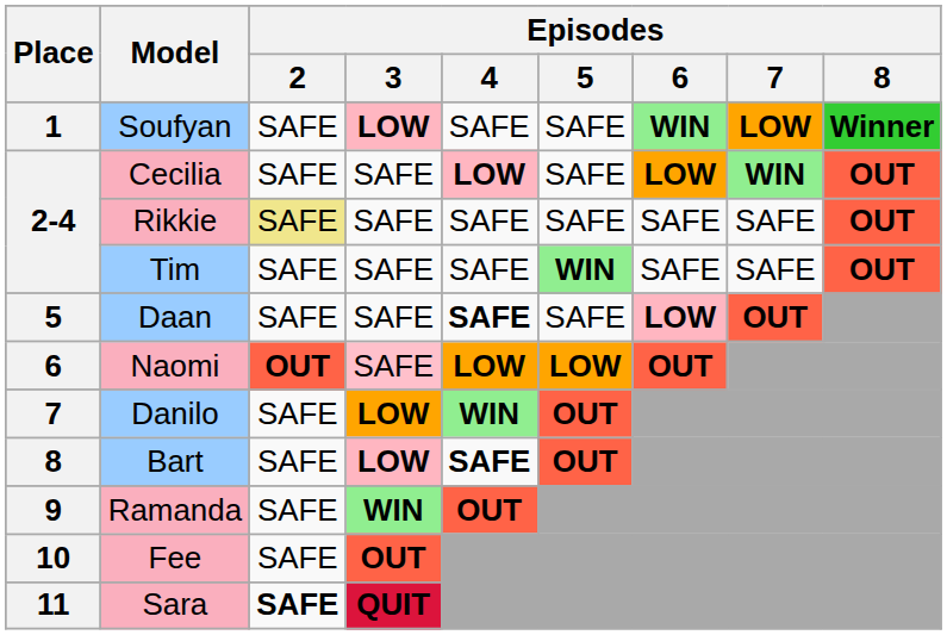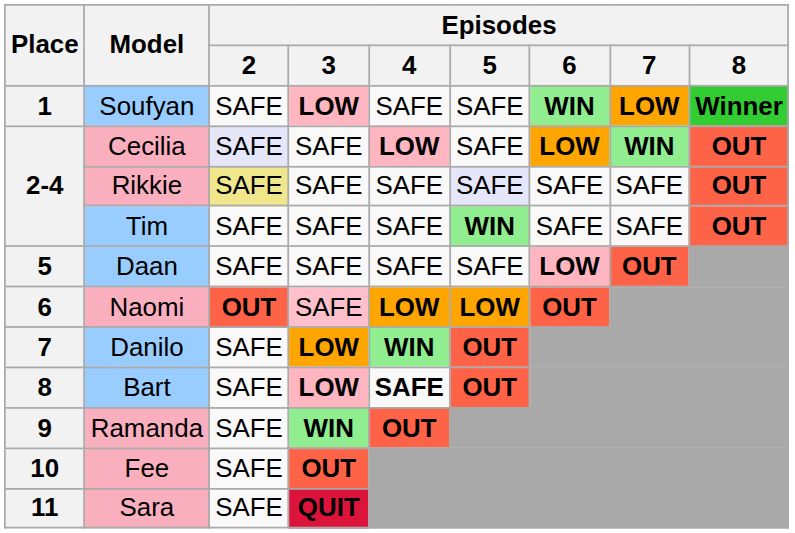 <table class="wikitable" style="text-align:center; font-size:92%">
 <tr>
 <th rowspan="2">Place</th>
 <th rowspan="2">Model</th>
 <th colspan="8">Episodes</th>
 </tr>
 <tr>
 <th width="35">2</th>
 <th>3</th>
 <th>4</th>
 <th>5</th>
 <th>6</th>
 <th>7</th>
 <th>8</th>
 </tr>
 <tr>
 <th>1</th>
 <td style="background:#9cf;">Soufyan</td>
 <td>SAFE</td>
 <td bgcolor="lightpink"><strong>LOW</strong></td>
 <td>SAFE</td>
 <td>SAFE</td>
 <td bgcolor="lightgreen"><strong>WIN</strong></td>
 <td bgcolor="orange"><strong>LOW</strong></td>
 <td bgcolor="limegreen"><strong>Winner</strong></td>
 </tr>
 <tr>
 <th rowspan="3">2-4</th>
 <td style="background:#faafbe">Cecilia</td>
-<td>SAFE</td>
+<td style="background: lavender;">SAFE</td>
 <td>SAFE</td>
 <td bgcolor="lightpink"><strong>LOW</strong></td>
 <td>SAFE</td>
 <td bgcolor="orange"><strong>LOW</strong></td>
 <td bgcolor="lightgreen"><strong>WIN</strong></td>
 <td bgcolor="tomato"><strong>OUT</strong></td>
 </tr>
 <tr>
 <td style="background:#faafbe">Rikkie</td>
 <td style="background: khaki;">SAFE</td>
 <td>SAFE</td>
 <td>SAFE</td>
-<td>SAFE</td>
+<td style="background: lavender;">SAFE</td>
 <td>SAFE</td>
 <td>SAFE</td>
 <td bgcolor="tomato"><strong>OUT</strong></td>
 </tr>
 <tr>
 <td style="background:#9cf;">Tim</td>
 <td>SAFE</td>
 <td>SAFE</td>
 <td>SAFE</td>
 <td bgcolor="lightgreen"><strong>WIN</strong></td>
 <td>SAFE</td>
 <td>SAFE</td>
 <td bgcolor="tomato"><strong>OUT</strong></td>
 </tr>
 <tr>
 <th>5</th>
 <td style="background:#9cf;">Daan</td>
 <td>SAFE</td>
 <td>SAFE</td>
-<td><strong>SAFE</strong></td>
+<td>SAFE</td>
 <td>SAFE</td>
 <td bgcolor="lightpink"><strong>LOW</strong></td>
 <td bgcolor="tomato"><strong>OUT</strong></td>
 <td colspan="8" style="background:darkgray;"></td>
 </tr>
 <tr>
 <th>6</th>
 <td style="background:#faafbe">Naomi</td>
 <td bgcolor="tomato"><strong>OUT</strong></td>
 <td style="background: pink;">SAFE</td>
 <td bgcolor="orange"><strong>LOW</strong></td>
 <td bgcolor="orange"><strong>LOW</strong></td>
 <td bgcolor="tomato"><strong>OUT</strong></td>
 <td colspan="8" style="background:darkgray;"></td>
 </tr>
 <tr>
 <th>7</th>
 <td style="background:#9cf;">Danilo</td>
 <td>SAFE</td>
 <td bgcolor="orange"><strong>LOW</strong></td>
 <td bgcolor="lightgreen"><strong>WIN</strong></td>
 <td bgcolor="tomato"><strong>OUT</strong></td>
 <td colspan="8" style="background:darkgray;"></td>
 </tr>
 <tr>
 <th>8</th>
 <td style="background:#9cf;">Bart</td>
 <td>SAFE</td>
 <td bgcolor="lightpink"><strong>LOW</strong></td>
 <td><strong>SAFE</strong></td>
 <td bgcolor="tomato"><strong>OUT</strong></td>
 <td colspan="8" style="background:darkgray;"></td>
 </tr>
 <tr>
 <th>9</th>
 <td style="background:#faafbe">Ramanda</td>
 <td>SAFE</td>
 <td bgcolor="lightgreen"><strong>WIN</strong></td>
 <td bgcolor="tomato"><strong>OUT</strong></td>
 <td colspan="8" style="background:darkgray;"></td>
 </tr>
 <tr>
 <th>10</th>
 <td style="background:#faafbe">Fee</td>
 <td>SAFE</td>
 <td bgcolor="tomato"><strong>OUT</strong></td>
 <td rowspan="2" colspan="9" style="background:darkgray;"></td>
 </tr>
 <tr>
 <th>11</th>
 <td style="background:#faafbe">Sara</td>
-<td><strong>SAFE</strong></td>
+<td>SAFE</td>
 <td bgcolor="crimson"><span><strong>QUIT</strong></span></td>
 </tr>
 </table>
